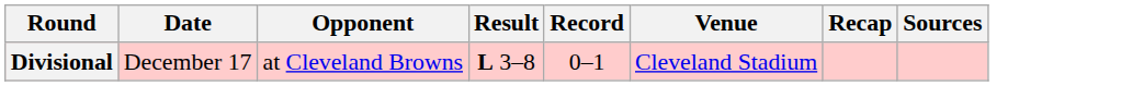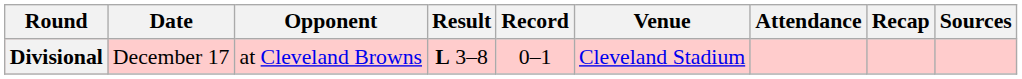 <table class="wikitable" style="text-align:center">
 <tr>
 <th>Round</th>
 <th>Date</th>
 <th>Opponent</th>
 <th>Result</th>
 <th>Record</th>
 <th>Venue</th>
+<th>Attendance</th>
 <th>Recap</th>
 <th>Sources</th>
 </tr>
 <tr style="background: #fcc;">
 <th>Divisional</th>
 <td>December 17</td>
 <td>at <a href='#'>Cleveland Browns</a></td>
 <td><strong>L</strong> 3–8</td>
 <td>0–1</td>
 <td><a href='#'>Cleveland Stadium</a></td>
 <td></td>
 <td></td>
+<td></td>
 </tr>
 </table>
